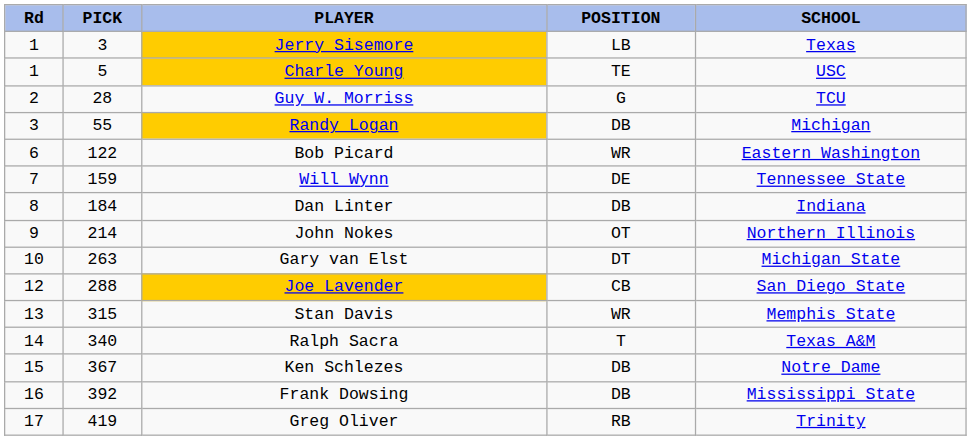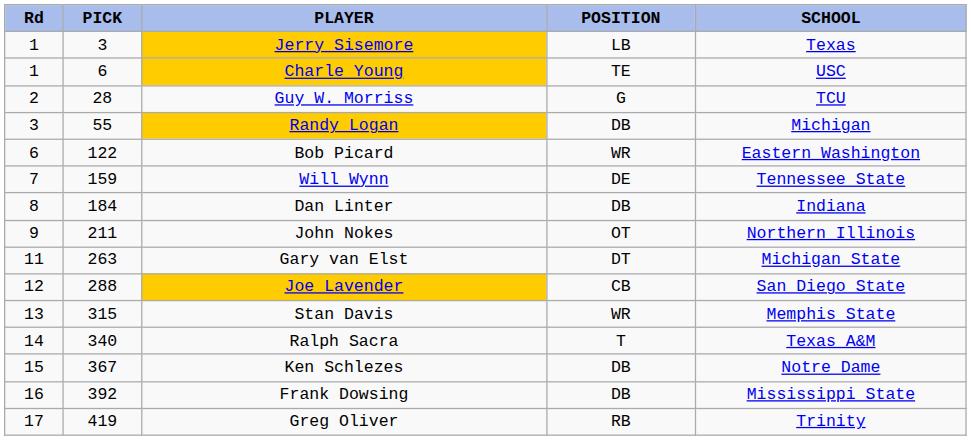 <table class="wikitable sortable sortable" style="width:60%">
 <tr>
 <th style="background:#A8BDEC;" width=1%>Rd</th>
 <th width=1% style="background:#A8BDEC;">PICK</th>
 <th width=10% style="background:#A8BDEC;">PLAYER</th>
 <th width=2% style="background:#A8BDEC;">POSITION</th>
 <th width=5% style="background:#A8BDEC;">SCHOOL</th>
 </tr>
 <tr align="center">
 <td>1</td>
 <td>3</td>
 <td style="background:#fc0;"><a href='#'>Jerry Sisemore</a></td>
 <td>LB</td>
 <td><a href='#'>Texas</a></td>
 </tr>
 <tr align="center">
 <td>1</td>
-<td>5</td>
+<td>6</td>
 <td style="background:#fc0;"><a href='#'>Charle Young</a></td>
 <td>TE</td>
 <td><a href='#'>USC</a></td>
 </tr>
 <tr align="center" bgcolor="">
 <td>2</td>
 <td>28</td>
 <td><a href='#'>Guy W. Morriss</a></td>
 <td>G</td>
 <td><a href='#'>TCU</a></td>
 </tr>
 <tr align="center" bgcolor="">
 <td>3</td>
 <td>55</td>
 <td style="background:#fc0;"><a href='#'>Randy Logan</a></td>
 <td>DB</td>
 <td><a href='#'>Michigan</a></td>
 </tr>
 <tr align="center" bgcolor="">
 <td>6</td>
 <td>122</td>
 <td>Bob Picard</td>
 <td>WR</td>
 <td><a href='#'>Eastern Washington</a></td>
 </tr>
 <tr align="center" bgcolor="">
 <td>7</td>
 <td>159</td>
 <td><a href='#'>Will Wynn</a></td>
 <td>DE</td>
 <td><a href='#'>Tennessee State</a></td>
 </tr>
 <tr align="center" bgcolor="">
 <td>8</td>
 <td>184</td>
 <td>Dan Linter</td>
 <td>DB</td>
 <td><a href='#'>Indiana</a></td>
 </tr>
 <tr align="center" bgcolor="">
 <td>9</td>
-<td>214</td>
+<td>211</td>
 <td>John Nokes</td>
 <td>OT</td>
 <td><a href='#'>Northern Illinois</a></td>
 </tr>
 <tr align="center" bgcolor="">
-<td>10</td>
+<td>11</td>
 <td>263</td>
 <td>Gary van Elst</td>
 <td>DT</td>
 <td><a href='#'>Michigan State</a></td>
 </tr>
 <tr align="center" bgcolor="">
 <td>12</td>
 <td>288</td>
 <td style="background:#fc0;"><a href='#'>Joe Lavender</a></td>
 <td>CB</td>
 <td><a href='#'>San Diego State</a></td>
 </tr>
 <tr align="center" bgcolor="">
 <td>13</td>
 <td>315</td>
 <td>Stan Davis</td>
 <td>WR</td>
 <td><a href='#'>Memphis State</a></td>
 </tr>
 <tr align="center" bgcolor="">
 <td>14</td>
 <td>340</td>
 <td>Ralph Sacra</td>
 <td>T</td>
 <td><a href='#'>Texas A&M</a></td>
 </tr>
 <tr align="center" bgcolor="">
 <td>15</td>
 <td>367</td>
 <td>Ken Schlezes</td>
 <td>DB</td>
 <td><a href='#'>Notre Dame</a></td>
 </tr>
 <tr align="center" bgcolor="">
 <td>16</td>
 <td>392</td>
 <td>Frank Dowsing</td>
 <td>DB</td>
 <td><a href='#'>Mississippi State</a></td>
 </tr>
 <tr align="center" bgcolor="">
 <td>17</td>
 <td>419</td>
 <td>Greg Oliver</td>
 <td>RB</td>
 <td><a href='#'>Trinity</a></td>
 </tr>
 </table>
